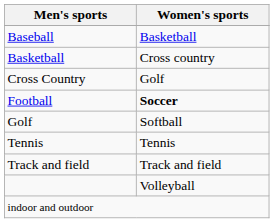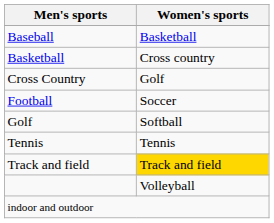 <table class= wikitable>
 <tr>
 <th width=150px>Men's sports</th>
 <th width=150px>Women's sports</th>
 </tr>
 <tr>
 </tr>
 <tr>
 <td><a href='#'>Baseball</a></td>
 <td><a href='#'>Basketball</a></td>
 </tr>
 <tr>
 <td><a href='#'>Basketball</a></td>
 <td>Cross country</td>
 </tr>
 <tr>
 <td>Cross Country</td>
 <td>Golf</td>
 </tr>
 <tr>
 <td><a href='#'>Football</a></td>
-<td><strong>Soccer</strong></td>
+<td>Soccer</td>
 </tr>
 <tr>
 <td>Golf</td>
 <td>Softball</td>
 </tr>
 <tr>
 <td>Tennis</td>
 <td>Tennis</td>
 </tr>
 <tr>
 <td>Track and field</td>
-<td>Track and field</td>
+<td style="background: gold;">Track and field</td>
 </tr>
 <tr>
 <td></td>
 <td>Volleyball</td>
 </tr>
 <tr>
 <td colspan=2><small>indoor and outdoor </small></td>
 </tr>
 </table>
